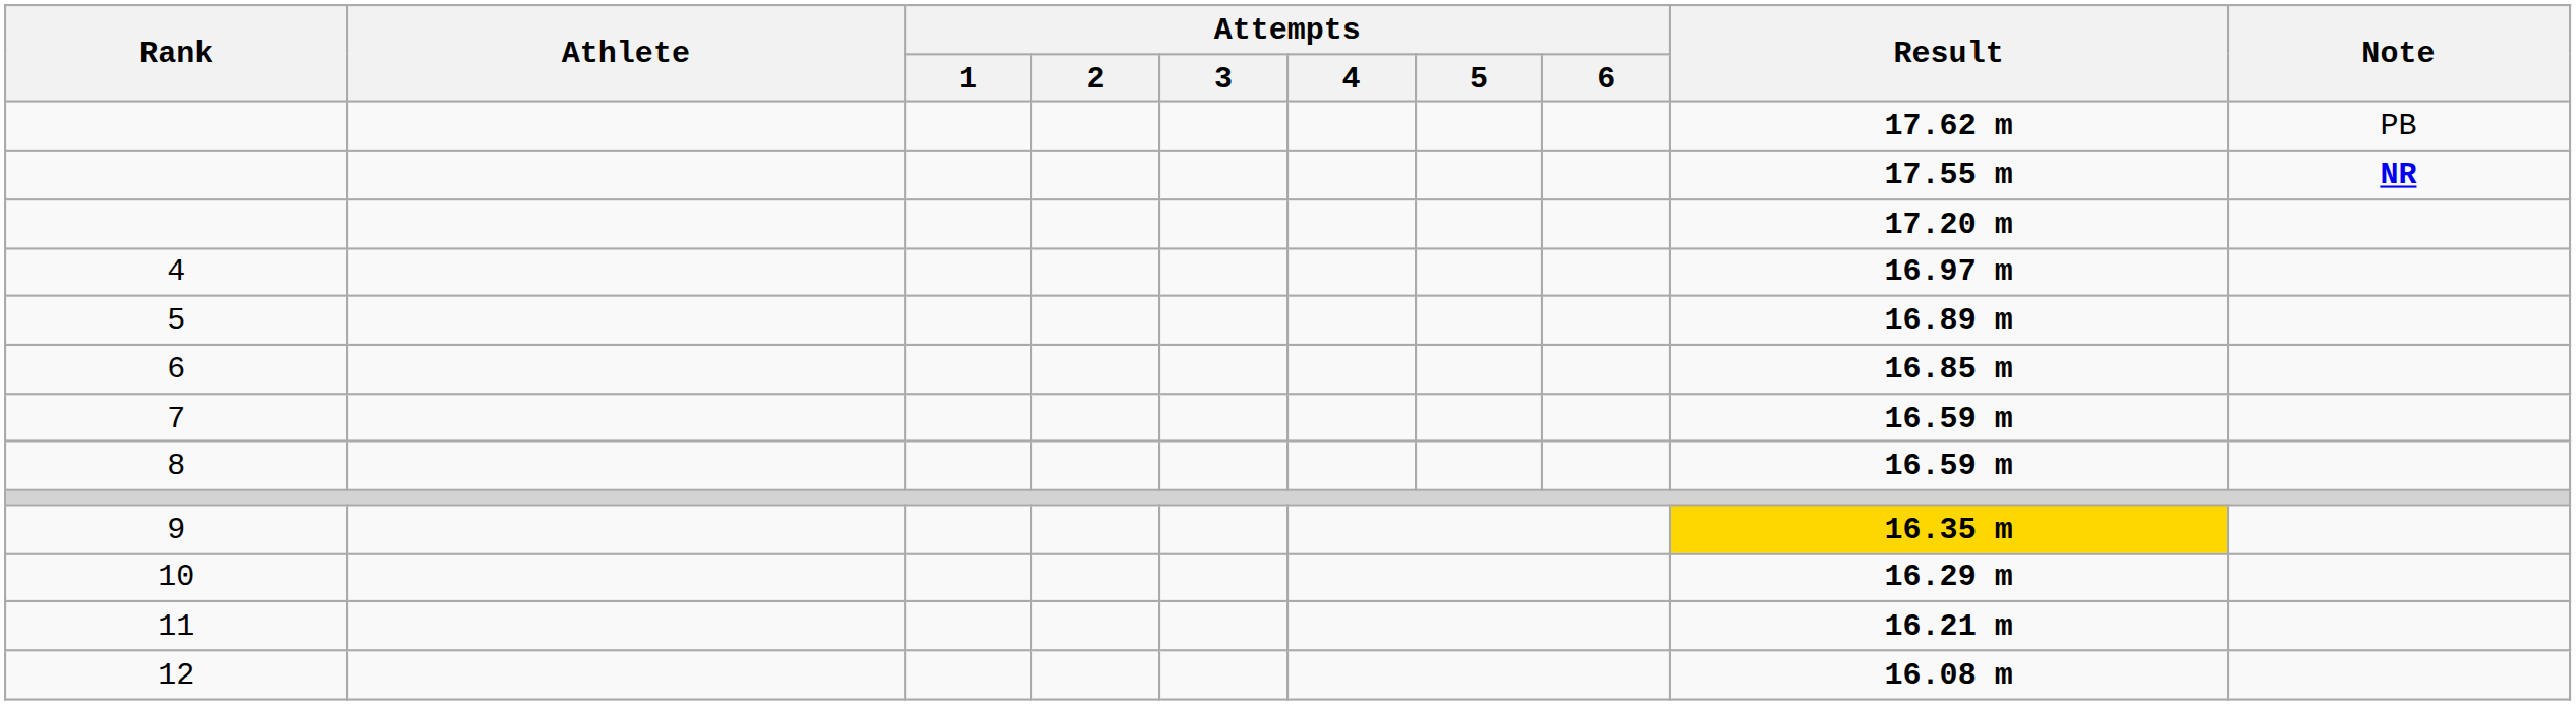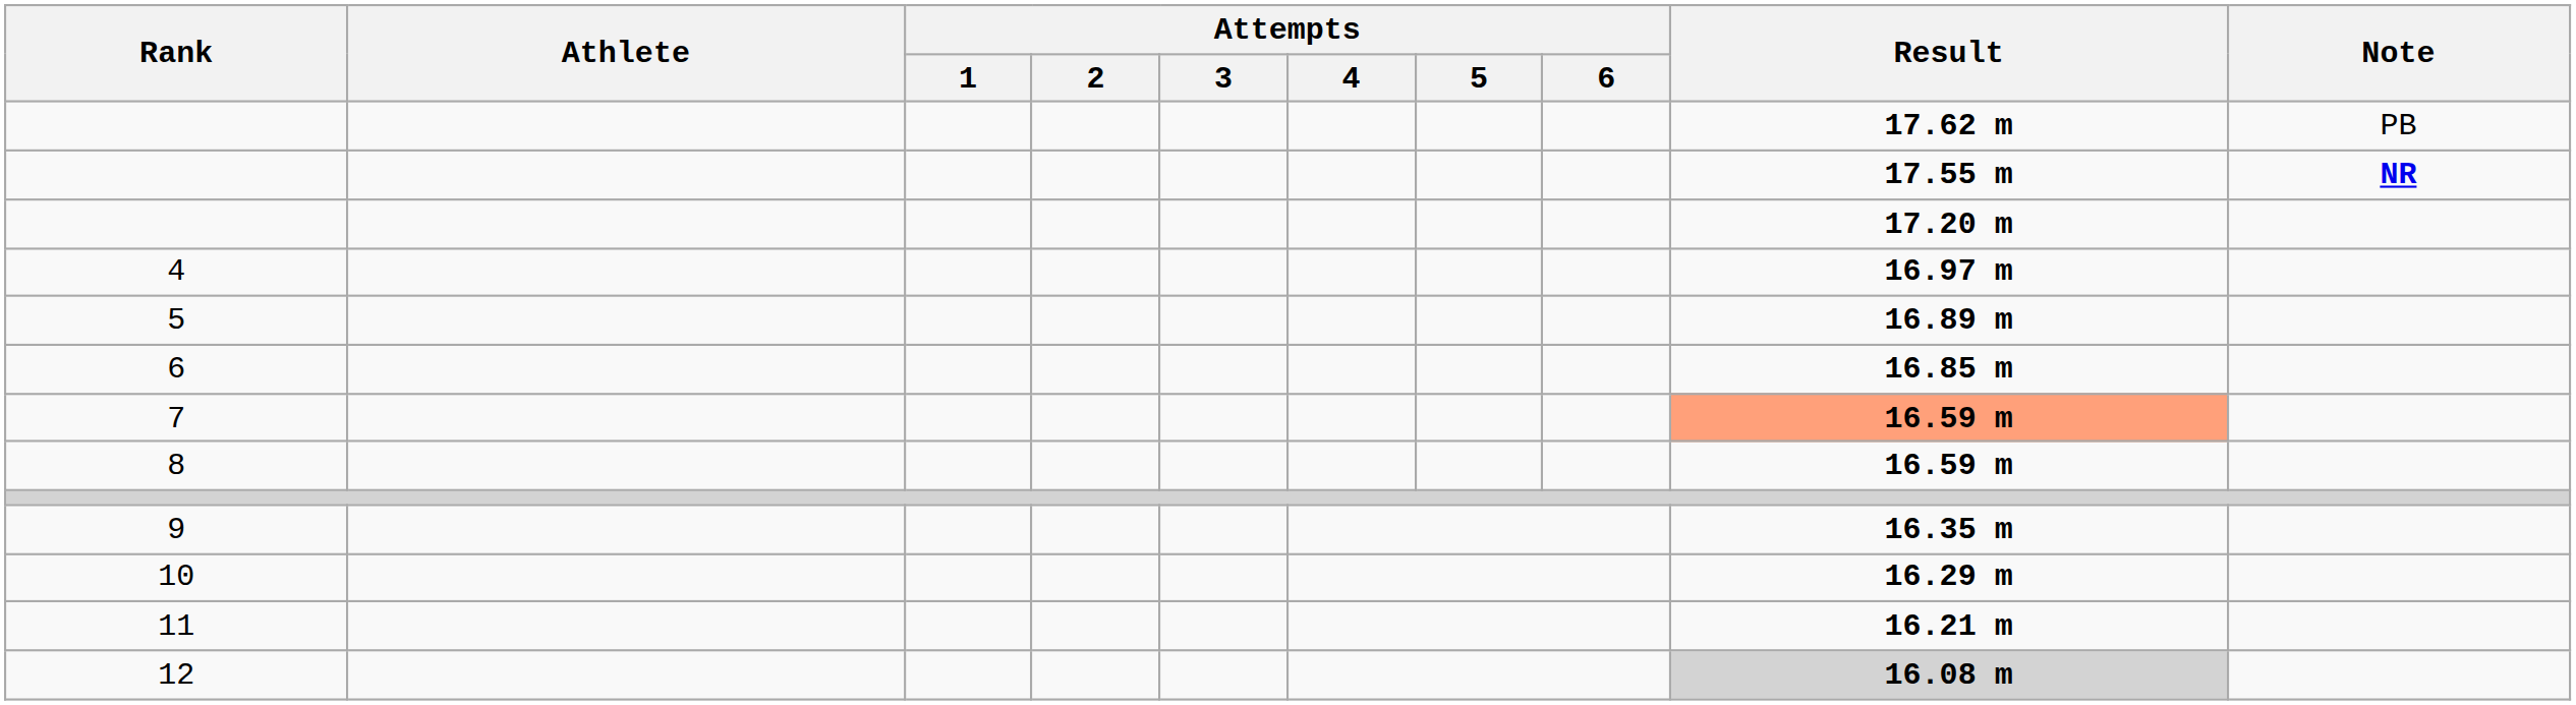 <table class="wikitable" style=" text-align:center; font-size:110%;" width="95%">
 <tr>
 <th rowspan="2">Rank</th>
 <th rowspan="2">Athlete</th>
 <th colspan="6">Attempts</th>
 <th rowspan="2">Result</th>
 <th rowspan="2">Note</th>
 </tr>
 <tr>
 <th>1</th>
 <th>2</th>
 <th>3</th>
 <th>4</th>
 <th>5</th>
 <th>6</th>
 </tr>
 <tr>
 <td></td>
 <td align=left></td>
 <td></td>
 <td></td>
 <td></td>
 <td></td>
 <td></td>
 <td></td>
 <td><strong>17.62 m</strong></td>
 <td>PB</td>
 </tr>
 <tr>
 <td></td>
 <td align=left></td>
 <td></td>
 <td></td>
 <td></td>
 <td></td>
 <td></td>
 <td></td>
 <td><strong>17.55 m</strong></td>
 <td><strong><a href='#'>NR</a></strong></td>
 </tr>
 <tr>
 <td></td>
 <td align=left></td>
 <td></td>
 <td></td>
 <td></td>
 <td></td>
 <td></td>
 <td></td>
 <td><strong>17.20 m</strong></td>
 <td></td>
 </tr>
 <tr>
 <td>4</td>
 <td align=left></td>
 <td></td>
 <td></td>
 <td></td>
 <td></td>
 <td></td>
 <td></td>
 <td><strong>16.97 m</strong></td>
 <td></td>
 </tr>
 <tr>
 <td>5</td>
 <td align=left></td>
 <td></td>
 <td></td>
 <td></td>
 <td></td>
 <td></td>
 <td></td>
 <td><strong>16.89 m</strong></td>
 <td></td>
 </tr>
 <tr>
 <td>6</td>
 <td align=left></td>
 <td></td>
 <td></td>
 <td></td>
 <td></td>
 <td></td>
 <td></td>
 <td><strong>16.85 m</strong></td>
 <td></td>
 </tr>
 <tr>
 <td>7</td>
 <td align=left></td>
 <td></td>
 <td></td>
 <td></td>
 <td></td>
 <td></td>
 <td></td>
-<td><strong>16.59 m</strong></td>
+<td style="background: lightsalmon;"><strong>16.59 m</strong></td>
 <td></td>
 </tr>
 <tr>
 <td>8</td>
 <td align=left></td>
 <td></td>
 <td></td>
 <td></td>
 <td></td>
 <td></td>
 <td></td>
 <td><strong>16.59 m</strong></td>
 <td></td>
 </tr>
 <tr>
 <td colspan=10 bgcolor=lightgray></td>
 </tr>
 <tr>
 <td>9</td>
 <td align=left></td>
 <td></td>
 <td></td>
 <td></td>
 <td colspan=3></td>
-<td style="background: gold;"><strong>16.35 m</strong></td>
+<td><strong>16.35 m</strong></td>
 <td></td>
 </tr>
 <tr>
 <td>10</td>
 <td align=left></td>
 <td></td>
 <td></td>
 <td></td>
 <td colspan=3></td>
 <td><strong>16.29 m</strong></td>
 <td></td>
 </tr>
 <tr>
 <td>11</td>
 <td align=left></td>
 <td></td>
 <td></td>
 <td></td>
 <td colspan=3></td>
 <td><strong>16.21 m</strong></td>
 <td></td>
 </tr>
 <tr>
 <td>12</td>
 <td align=left></td>
 <td></td>
 <td></td>
 <td></td>
 <td colspan=3></td>
-<td><strong>16.08 m</strong></td>
+<td style="background: lightgrey;"><strong>16.08 m</strong></td>
 <td></td>
 </tr>
 </table>
